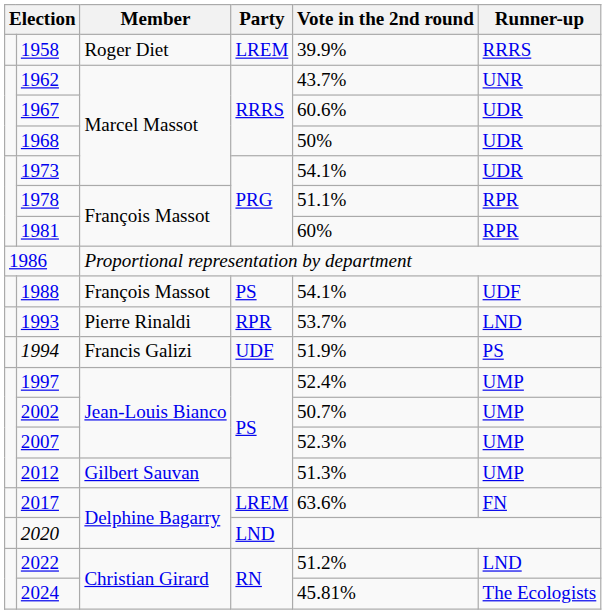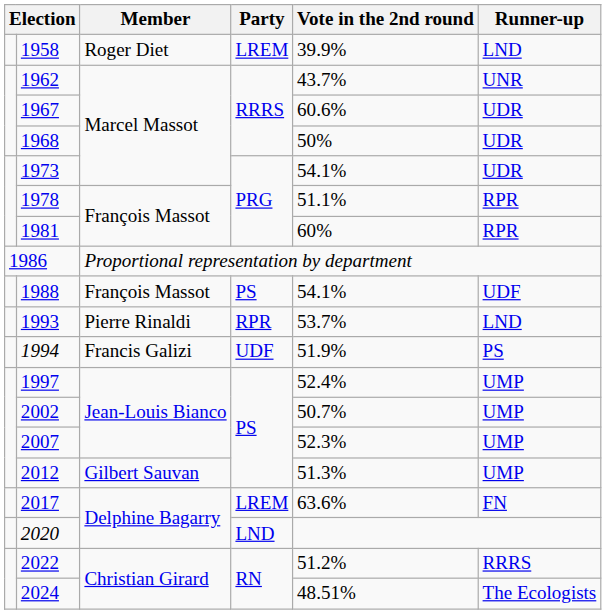 <table class="wikitable">
 <tr>
 <th colspan="2">Election</th>
 <th>Member</th>
 <th>Party</th>
 <th>Vote in the 2nd round</th>
 <th>Runner-up</th>
 </tr>
 <tr>
 <td style="color:inherit;background-color: "></td>
 <td><a href='#'>1958</a></td>
 <td>Roger Diet</td>
 <td><a href='#'>LREM</a></td>
 <td>39.9%</td>
-<td><a href='#'>RRRS</a></td>
+<td><a href='#'>LND</a></td>
 </tr>
 <tr>
 <td rowspan="3" style="background-color: "></td>
 <td><a href='#'>1962</a></td>
 <td rowspan="4">Marcel Massot</td>
 <td rowspan="3"><a href='#'>RRRS</a></td>
 <td>43.7%</td>
 <td><a href='#'>UNR</a></td>
 </tr>
 <tr>
 <td><a href='#'>1967</a></td>
 <td>60.6%</td>
 <td><a href='#'>UDR</a></td>
 </tr>
 <tr>
 <td><a href='#'>1968</a></td>
 <td>50%</td>
 <td><a href='#'>UDR</a></td>
 </tr>
 <tr>
 <td rowspan="3" style="background-color: "></td>
 <td><a href='#'>1973</a></td>
 <td rowspan="3"><a href='#'>PRG</a></td>
 <td>54.1%</td>
 <td><a href='#'>UDR</a></td>
 </tr>
 <tr>
 <td><a href='#'>1978</a></td>
 <td rowspan="2">François Massot</td>
 <td>51.1%</td>
 <td><a href='#'>RPR</a></td>
 </tr>
 <tr>
 <td><a href='#'>1981</a></td>
 <td>60%</td>
 <td><a href='#'>RPR</a></td>
 </tr>
 <tr>
 <td colspan="2"><a href='#'>1986</a></td>
 <td colspan="4"><em>Proportional representation by department</em></td>
 </tr>
 <tr>
 <td style="color:inherit;background-color: "></td>
 <td><a href='#'>1988</a></td>
 <td>François Massot</td>
 <td><a href='#'>PS</a></td>
 <td>54.1%</td>
 <td><a href='#'>UDF</a></td>
 </tr>
 <tr>
 <td style="color:inherit;background-color: "></td>
 <td><a href='#'>1993</a></td>
 <td>Pierre Rinaldi</td>
 <td><a href='#'>RPR</a></td>
 <td>53.7%</td>
 <td><a href='#'>LND</a></td>
 </tr>
 <tr>
 <td style="color:inherit;background-color: "></td>
 <td><em>1994</em></td>
 <td>Francis Galizi</td>
 <td><a href='#'>UDF</a></td>
 <td>51.9%</td>
 <td><a href='#'>PS</a></td>
 </tr>
 <tr>
 <td rowspan="4" style="background-color: "></td>
 <td><a href='#'>1997</a></td>
 <td rowspan="3"><a href='#'>Jean-Louis Bianco</a></td>
 <td rowspan="4"><a href='#'>PS</a></td>
 <td>52.4%</td>
 <td><a href='#'>UMP</a></td>
 </tr>
 <tr>
 <td><a href='#'>2002</a></td>
 <td>50.7%</td>
 <td><a href='#'>UMP</a></td>
 </tr>
 <tr>
 <td><a href='#'>2007</a></td>
 <td>52.3%</td>
 <td><a href='#'>UMP</a></td>
 </tr>
 <tr>
 <td><a href='#'>2012</a></td>
 <td><a href='#'>Gilbert Sauvan</a></td>
 <td>51.3%</td>
 <td><a href='#'>UMP</a></td>
 </tr>
 <tr>
 <td style="color:inherit;background-color: "></td>
 <td><a href='#'>2017</a></td>
 <td rowspan=2><a href='#'>Delphine Bagarry</a></td>
 <td><a href='#'>LREM</a></td>
 <td>63.6%</td>
 <td><a href='#'>FN</a></td>
 </tr>
 <tr>
 <td style="color:inherit;background-color: "></td>
 <td><em>2020</em></td>
 <td><a href='#'>LND</a></td>
 </tr>
 <tr>
 <td rowspan="2" style="color:inherit;background-color: "></td>
 <td><a href='#'>2022</a></td>
 <td rowspan="2"><a href='#'>Christian Girard</a></td>
 <td rowspan="2"><a href='#'>RN</a></td>
 <td>51.2%</td>
-<td><a href='#'>LND</a></td>
+<td><a href='#'>RRRS</a></td>
 </tr>
 <tr>
 <td><a href='#'>2024</a></td>
-<td>45.81%</td>
+<td>48.51%</td>
 <td><a href='#'>The Ecologists</a></td>
 </tr>
 </table>
